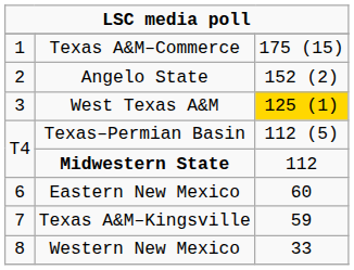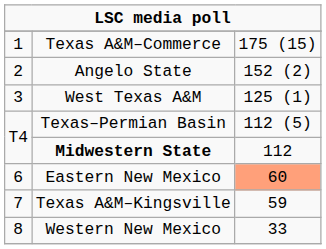 <table class="wikitable" style="display: inline-table;">
 <tr>
 <td align="center" Colspan="3"><strong>LSC media poll</strong></td>
 </tr>
 <tr align="center">
 </tr>
 <tr align="center">
 <td>1</td>
 <td>Texas A&M–Commerce</td>
 <td>175 (15)</td>
 </tr>
 <tr align="center">
 <td>2</td>
 <td>Angelo State</td>
 <td>152 (2)</td>
 </tr>
 <tr align="center">
 <td>3</td>
 <td>West Texas A&M</td>
-<td style="background: gold;">125 (1)</td>
+<td>125 (1)</td>
 </tr>
 <tr align="center">
 <td rowspan=2>T4</td>
 <td>Texas–Permian Basin</td>
 <td>112 (5)</td>
 </tr>
 <tr align="center">
 <td><strong>Midwestern State</strong></td>
 <td>112</td>
 </tr>
 <tr align="center">
 <td>6</td>
 <td>Eastern New Mexico</td>
-<td>60</td>
+<td style="background: lightsalmon;">60</td>
 </tr>
 <tr align="center">
 <td>7</td>
 <td>Texas A&M–Kingsville</td>
 <td>59</td>
 </tr>
 <tr align="center">
 <td>8</td>
 <td>Western New Mexico</td>
 <td>33</td>
 </tr>
 <tr>
 </tr>
 </table>
